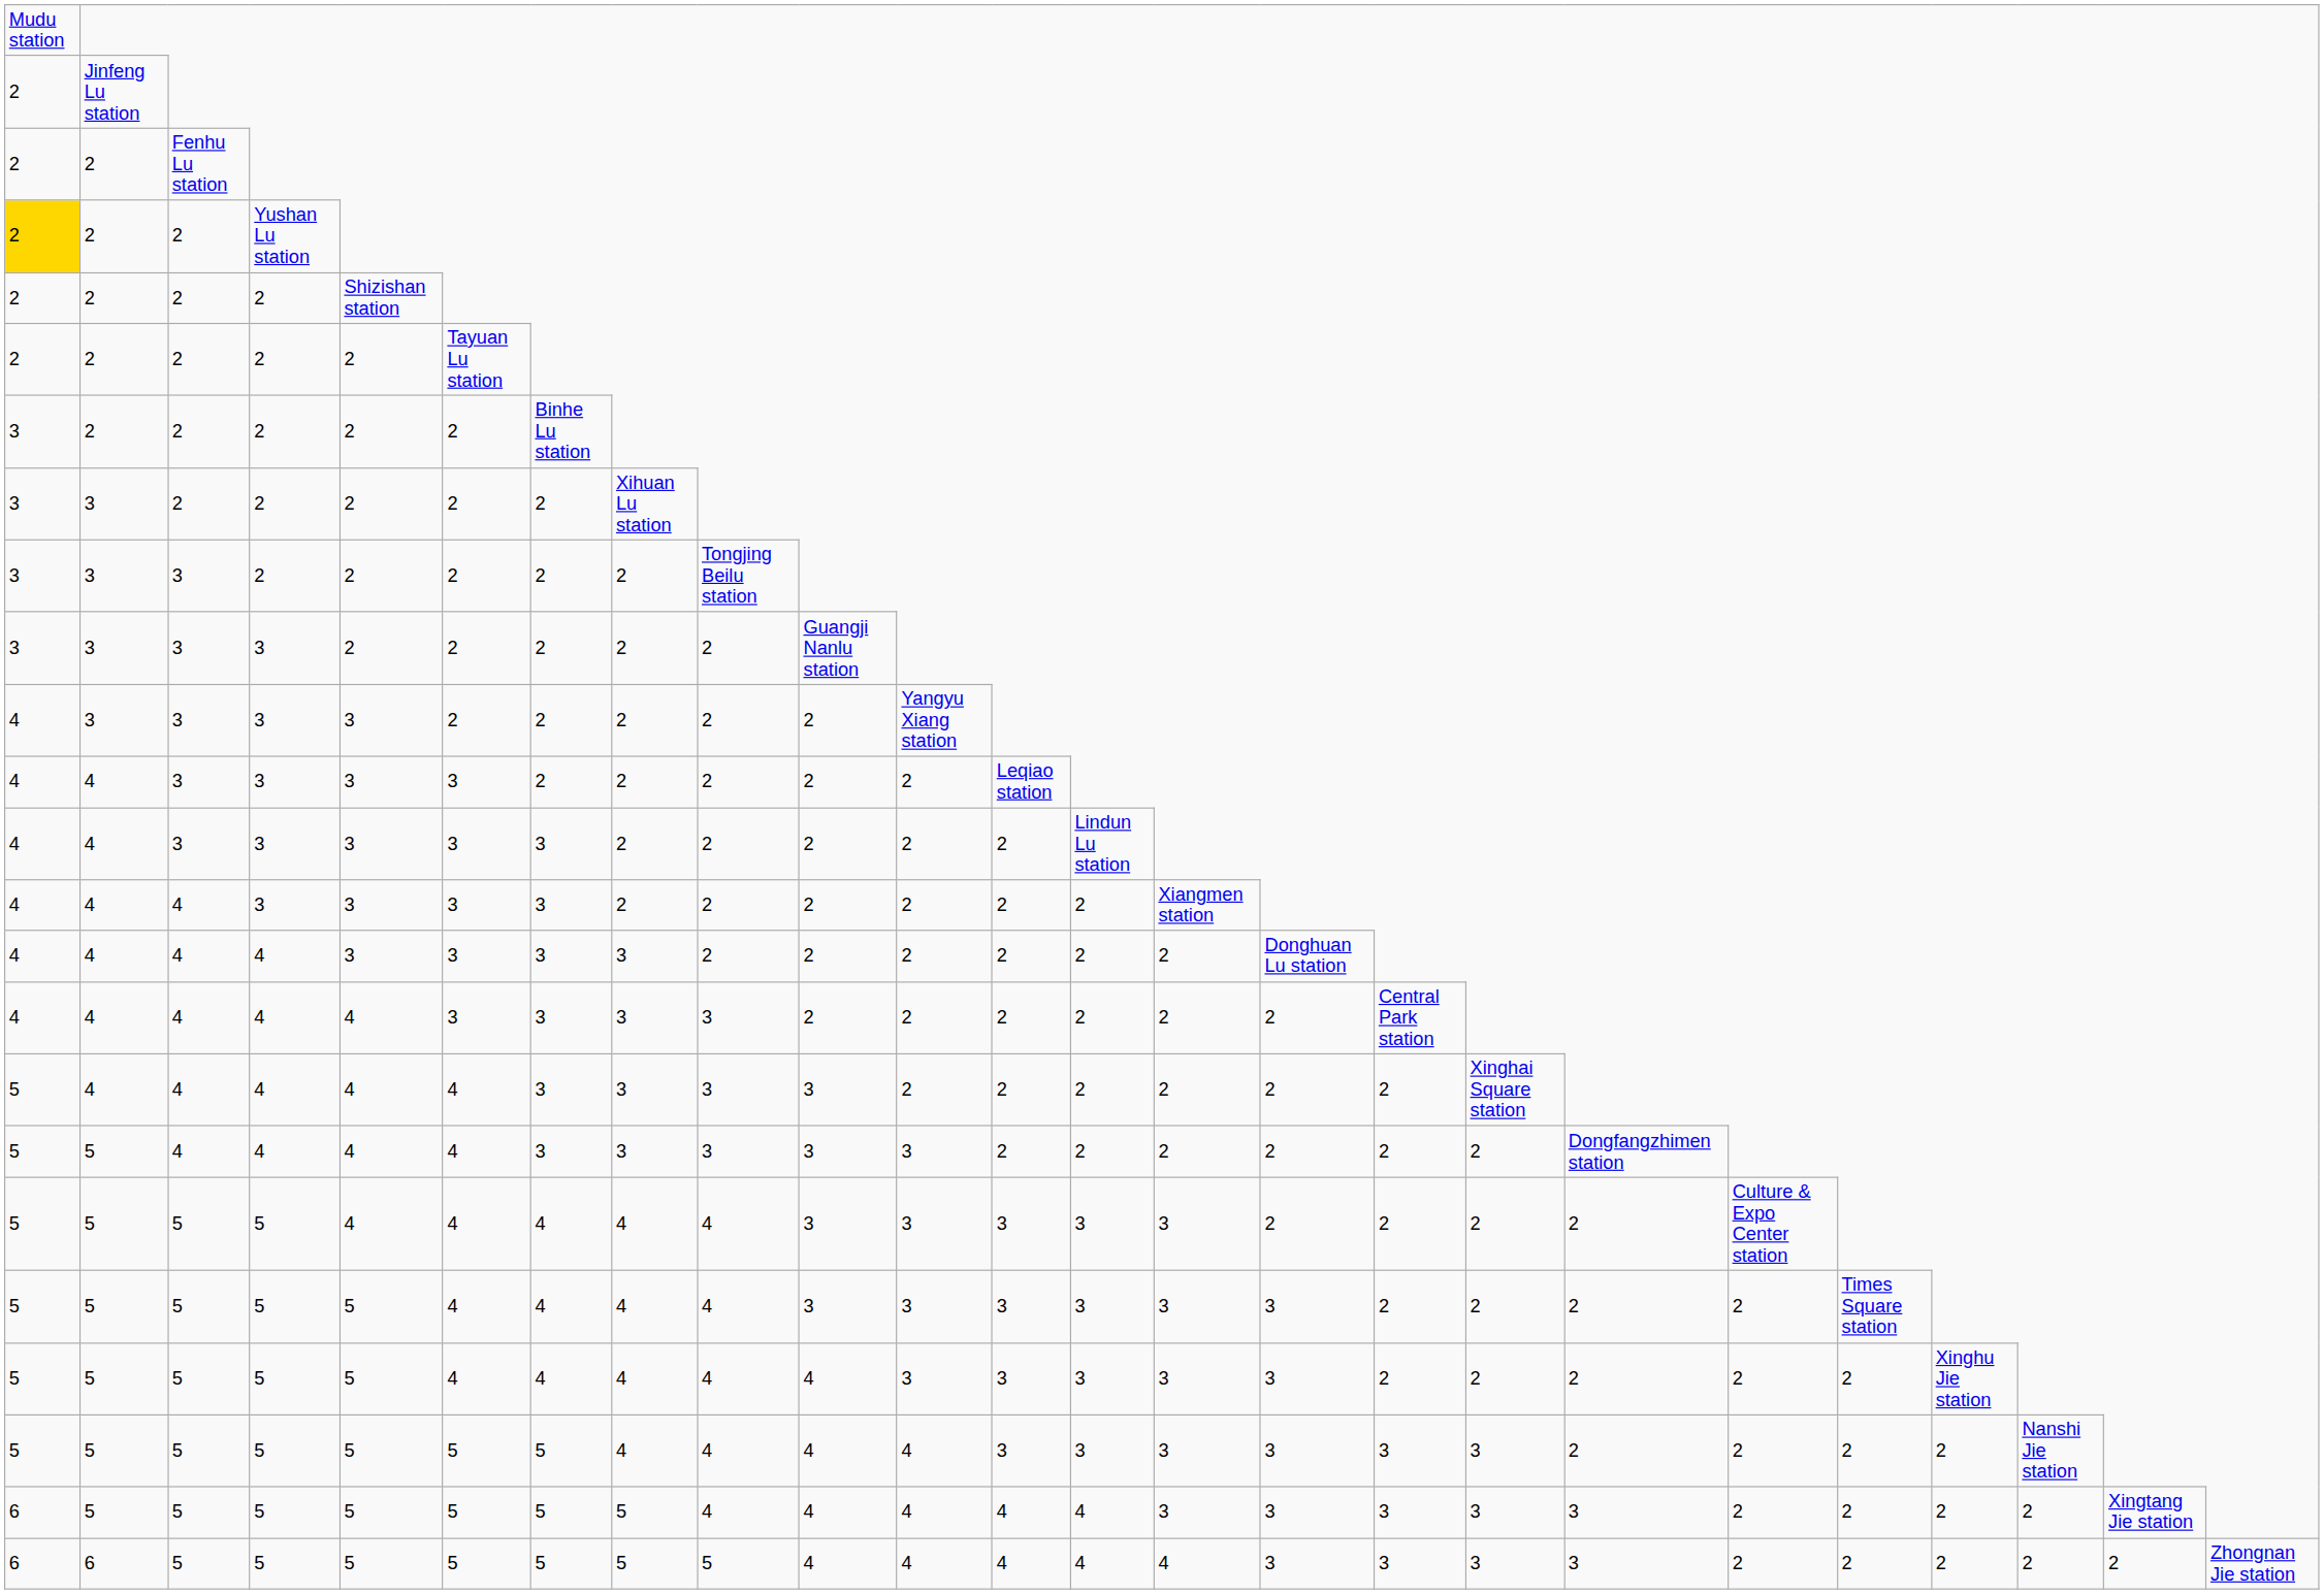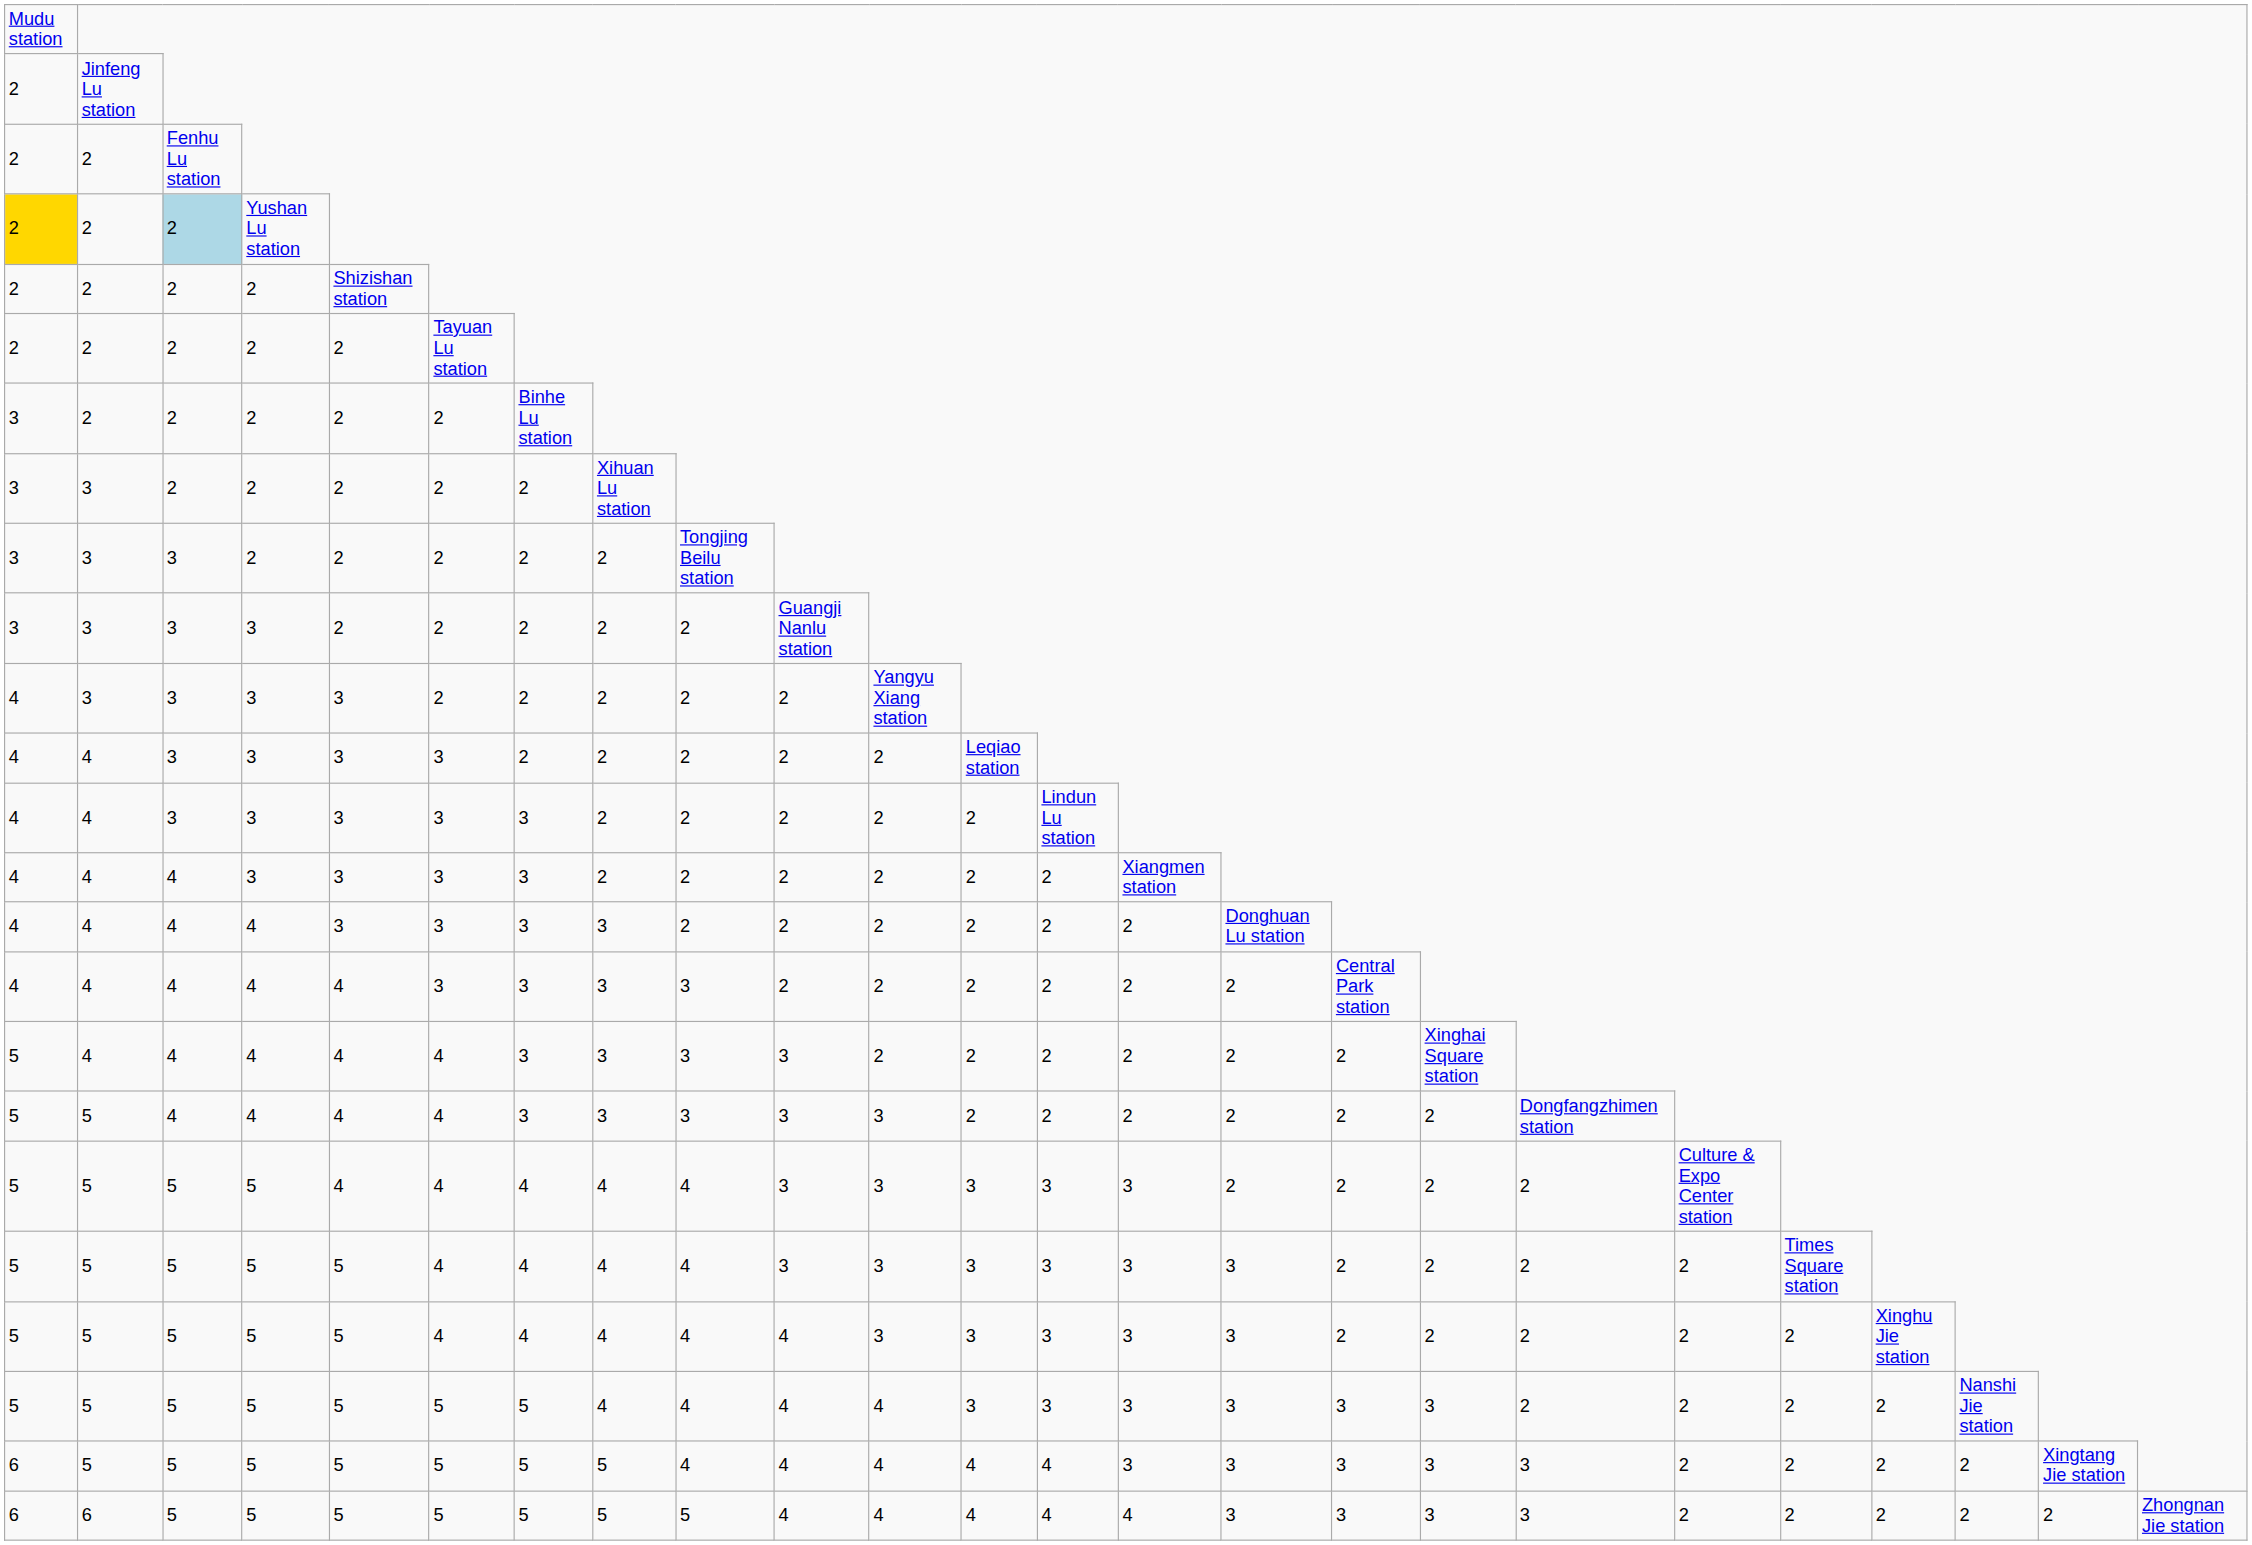 <table class="wikitable">
 <tr>
 <td><a href='#'>Mudu station</a></td>
 </tr>
 <tr>
 <td>2</td>
 <td><a href='#'>Jinfeng Lu station</a></td>
 </tr>
 <tr>
 <td>2</td>
 <td>2</td>
 <td><a href='#'>Fenhu Lu station</a></td>
 </tr>
 <tr>
 <td style="background: gold;">2</td>
 <td>2</td>
-<td>2</td>
+<td style="background: lightblue;">2</td>
 <td><a href='#'>Yushan Lu station</a></td>
 </tr>
 <tr>
 <td>2</td>
 <td>2</td>
 <td>2</td>
 <td>2</td>
 <td><a href='#'>Shizishan station</a></td>
 </tr>
 <tr>
 <td>2</td>
 <td>2</td>
 <td>2</td>
 <td>2</td>
 <td>2</td>
 <td><a href='#'>Tayuan Lu station</a></td>
 </tr>
 <tr>
 <td>3</td>
 <td>2</td>
 <td>2</td>
 <td>2</td>
 <td>2</td>
 <td>2</td>
 <td><a href='#'>Binhe Lu station</a></td>
 </tr>
 <tr>
 <td>3</td>
 <td>3</td>
 <td>2</td>
 <td>2</td>
 <td>2</td>
 <td>2</td>
 <td>2</td>
 <td><a href='#'>Xihuan Lu station</a></td>
 </tr>
 <tr>
 <td>3</td>
 <td>3</td>
 <td>3</td>
 <td>2</td>
 <td>2</td>
 <td>2</td>
 <td>2</td>
 <td>2</td>
 <td><a href='#'>Tongjing Beilu station</a></td>
 </tr>
 <tr>
 <td>3</td>
 <td>3</td>
 <td>3</td>
 <td>3</td>
 <td>2</td>
 <td>2</td>
 <td>2</td>
 <td>2</td>
 <td>2</td>
 <td><a href='#'>Guangji Nanlu station</a></td>
 </tr>
 <tr>
 <td>4</td>
 <td>3</td>
 <td>3</td>
 <td>3</td>
 <td>3</td>
 <td>2</td>
 <td>2</td>
 <td>2</td>
 <td>2</td>
 <td>2</td>
 <td><a href='#'>Yangyu Xiang station</a></td>
 </tr>
 <tr>
 <td>4</td>
 <td>4</td>
 <td>3</td>
 <td>3</td>
 <td>3</td>
 <td>3</td>
 <td>2</td>
 <td>2</td>
 <td>2</td>
 <td>2</td>
 <td>2</td>
 <td><a href='#'>Leqiao station</a></td>
 </tr>
 <tr>
 <td>4</td>
 <td>4</td>
 <td>3</td>
 <td>3</td>
 <td>3</td>
 <td>3</td>
 <td>3</td>
 <td>2</td>
 <td>2</td>
 <td>2</td>
 <td>2</td>
 <td>2</td>
 <td><a href='#'>Lindun Lu station</a></td>
 </tr>
 <tr>
 <td>4</td>
 <td>4</td>
 <td>4</td>
 <td>3</td>
 <td>3</td>
 <td>3</td>
 <td>3</td>
 <td>2</td>
 <td>2</td>
 <td>2</td>
 <td>2</td>
 <td>2</td>
 <td>2</td>
 <td><a href='#'>Xiangmen station</a></td>
 </tr>
 <tr>
 <td>4</td>
 <td>4</td>
 <td>4</td>
 <td>4</td>
 <td>3</td>
 <td>3</td>
 <td>3</td>
 <td>3</td>
 <td>2</td>
 <td>2</td>
 <td>2</td>
 <td>2</td>
 <td>2</td>
 <td>2</td>
 <td><a href='#'>Donghuan Lu station</a></td>
 </tr>
 <tr>
 <td>4</td>
 <td>4</td>
 <td>4</td>
 <td>4</td>
 <td>4</td>
 <td>3</td>
 <td>3</td>
 <td>3</td>
 <td>3</td>
 <td>2</td>
 <td>2</td>
 <td>2</td>
 <td>2</td>
 <td>2</td>
 <td>2</td>
 <td><a href='#'>Central Park station</a></td>
 </tr>
 <tr>
 <td>5</td>
 <td>4</td>
 <td>4</td>
 <td>4</td>
 <td>4</td>
 <td>4</td>
 <td>3</td>
 <td>3</td>
 <td>3</td>
 <td>3</td>
 <td>2</td>
 <td>2</td>
 <td>2</td>
 <td>2</td>
 <td>2</td>
 <td>2</td>
 <td><a href='#'>Xinghai Square station</a></td>
 </tr>
 <tr>
 <td>5</td>
 <td>5</td>
 <td>4</td>
 <td>4</td>
 <td>4</td>
 <td>4</td>
 <td>3</td>
 <td>3</td>
 <td>3</td>
 <td>3</td>
 <td>3</td>
 <td>2</td>
 <td>2</td>
 <td>2</td>
 <td>2</td>
 <td>2</td>
 <td>2</td>
 <td><a href='#'>Dongfangzhimen station</a></td>
 </tr>
 <tr>
 <td>5</td>
 <td>5</td>
 <td>5</td>
 <td>5</td>
 <td>4</td>
 <td>4</td>
 <td>4</td>
 <td>4</td>
 <td>4</td>
 <td>3</td>
 <td>3</td>
 <td>3</td>
 <td>3</td>
 <td>3</td>
 <td>2</td>
 <td>2</td>
 <td>2</td>
 <td>2</td>
 <td><a href='#'>Culture & Expo Center station</a></td>
 </tr>
 <tr>
 <td>5</td>
 <td>5</td>
 <td>5</td>
 <td>5</td>
 <td>5</td>
 <td>4</td>
 <td>4</td>
 <td>4</td>
 <td>4</td>
 <td>3</td>
 <td>3</td>
 <td>3</td>
 <td>3</td>
 <td>3</td>
 <td>3</td>
 <td>2</td>
 <td>2</td>
 <td>2</td>
 <td>2</td>
 <td><a href='#'>Times Square station</a></td>
 </tr>
 <tr>
 <td>5</td>
 <td>5</td>
 <td>5</td>
 <td>5</td>
 <td>5</td>
 <td>4</td>
 <td>4</td>
 <td>4</td>
 <td>4</td>
 <td>4</td>
 <td>3</td>
 <td>3</td>
 <td>3</td>
 <td>3</td>
 <td>3</td>
 <td>2</td>
 <td>2</td>
 <td>2</td>
 <td>2</td>
 <td>2</td>
 <td><a href='#'>Xinghu Jie station</a></td>
 </tr>
 <tr>
 <td>5</td>
 <td>5</td>
 <td>5</td>
 <td>5</td>
 <td>5</td>
 <td>5</td>
 <td>5</td>
 <td>4</td>
 <td>4</td>
 <td>4</td>
 <td>4</td>
 <td>3</td>
 <td>3</td>
 <td>3</td>
 <td>3</td>
 <td>3</td>
 <td>3</td>
 <td>2</td>
 <td>2</td>
 <td>2</td>
 <td>2</td>
 <td><a href='#'>Nanshi Jie station</a></td>
 </tr>
 <tr>
 <td>6</td>
 <td>5</td>
 <td>5</td>
 <td>5</td>
 <td>5</td>
 <td>5</td>
 <td>5</td>
 <td>5</td>
 <td>4</td>
 <td>4</td>
 <td>4</td>
 <td>4</td>
 <td>4</td>
 <td>3</td>
 <td>3</td>
 <td>3</td>
 <td>3</td>
 <td>3</td>
 <td>2</td>
 <td>2</td>
 <td>2</td>
 <td>2</td>
 <td><a href='#'>Xingtang Jie station</a></td>
 </tr>
 <tr>
 <td>6</td>
 <td>6</td>
 <td>5</td>
 <td>5</td>
 <td>5</td>
 <td>5</td>
 <td>5</td>
 <td>5</td>
 <td>5</td>
 <td>4</td>
 <td>4</td>
 <td>4</td>
 <td>4</td>
 <td>4</td>
 <td>3</td>
 <td>3</td>
 <td>3</td>
 <td>3</td>
 <td>2</td>
 <td>2</td>
 <td>2</td>
 <td>2</td>
 <td>2</td>
 <td><a href='#'>Zhongnan Jie station</a></td>
 </tr>
 </table>
